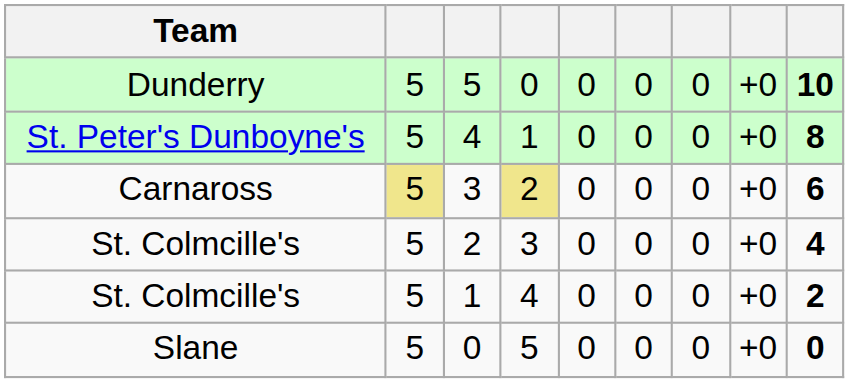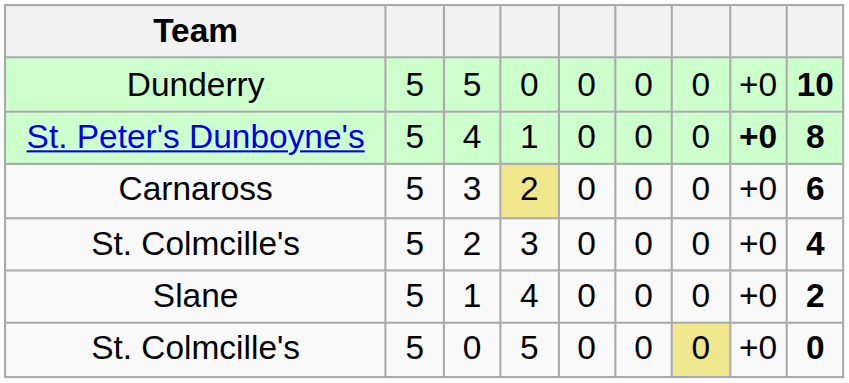 <table class="wikitable" style="text-align:center">
 <tr>
 <th style="width:175px;">Team</th>
 <th width="20"></th>
 <th width="20"></th>
 <th width="20"></th>
 <th width="20"></th>
 <th width="20"></th>
 <th width="20"></th>
 <th width="20"></th>
 <th width="20"></th>
 </tr>
 <tr style="background:#cfc;">
 <td>Dunderry</td>
 <td>5</td>
 <td>5</td>
 <td>0</td>
 <td>0</td>
 <td>0</td>
 <td>0</td>
 <td>+0</td>
 <td><strong>10</strong></td>
 </tr>
 <tr style="background:#cfc;">
 <td><a href='#'>St. Peter's Dunboyne's</a></td>
 <td>5</td>
 <td>4</td>
 <td>1</td>
 <td>0</td>
 <td>0</td>
 <td>0</td>
-<td>+0</td>
+<td><strong>+0</strong></td>
 <td><strong>8</strong></td>
 </tr>
 <tr>
 <td>Carnaross</td>
-<td style="background: khaki;">5</td>
+<td>5</td>
 <td>3</td>
 <td style="background: khaki;">2</td>
 <td>0</td>
 <td>0</td>
 <td>0</td>
 <td>+0</td>
 <td><strong>6</strong></td>
 </tr>
 <tr>
 <td>St. Colmcille's</td>
 <td>5</td>
 <td>2</td>
 <td>3</td>
 <td>0</td>
 <td>0</td>
 <td>0</td>
 <td>+0</td>
 <td><strong>4</strong></td>
 </tr>
 <tr>
-<td>St. Colmcille's</td>
+<td>Slane</td>
 <td>5</td>
 <td>1</td>
 <td>4</td>
 <td>0</td>
 <td>0</td>
 <td>0</td>
 <td>+0</td>
 <td><strong>2</strong></td>
 </tr>
 <tr>
-<td>Slane</td>
+<td>St. Colmcille's</td>
 <td>5</td>
 <td>0</td>
 <td>5</td>
 <td>0</td>
 <td>0</td>
-<td>0</td>
+<td style="background: khaki;">0</td>
 <td>+0</td>
 <td><strong>0</strong></td>
 </tr>
 </table>
